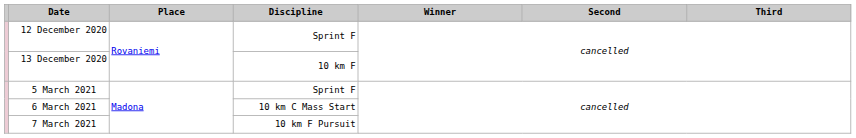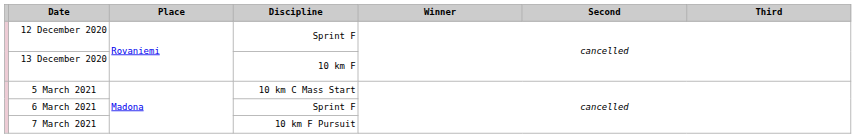 <table class="wikitable plainrowheaders" style="background:#fff; font-size:86%; line-height:16px; border:grey solid 1px; border-collapse:collapse;">
 <tr style="background:#ccc; text-align:center;">
 <th scope="col" style="background:#ccc; width=30 px;"></th>
 <th scope="col" style="background:#ccc; width:120px;">Date</th>
 <th scope="col" style="background:#ccc; width:150px;">Place</th>
 <th scope="col" style="background:#ccc; width:150px;">Discipline</th>
 <th scope="col" style="background:#ccc; width:200px;">Winner</th>
 <th scope="col" style="background:#ccc; width:200px;">Second</th>
 <th scope="col" style="background:#ccc; width:200px;">Third</th>
 </tr>
 <tr>
 <td rowspan=2 bgcolor="EDCCD5"></td>
 <td align=right>12 December 2020  </td>
 <td rowspan=2> <a href='#'>Rovaniemi</a></td>
 <td align=right>Sprint F</td>
 <td rowspan=2 colspan=3 align=center><em>cancelled</em></td>
 </tr>
 <tr>
 <td align=right>13 December 2020  </td>
 <td align=right>10 km F</td>
 </tr>
 <tr>
 <td rowspan=3 bgcolor="EDCCD5"></td>
 <td align=right>5 March 2021  </td>
 <td rowspan=3> <a href='#'>Madona</a></td>
-<td align=right>Sprint F</td>
+<td align=right>10 km C Mass Start</td>
 <td rowspan=3 colspan=3 align=center><em>cancelled</em></td>
 </tr>
 <tr>
 <td align=right>6 March 2021  </td>
-<td align=right>10 km C Mass Start</td>
+<td align=right>Sprint F</td>
 </tr>
 <tr>
 <td align=right>7 March 2021  </td>
 <td align=right>10 km F Pursuit</td>
 </tr>
 </table>
